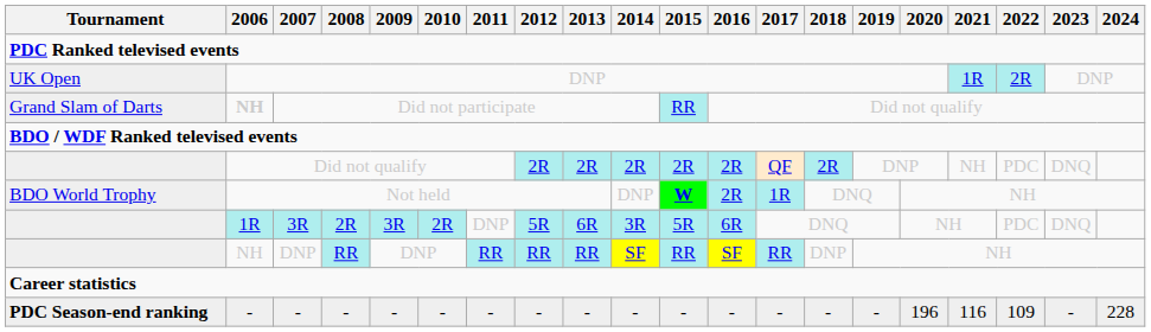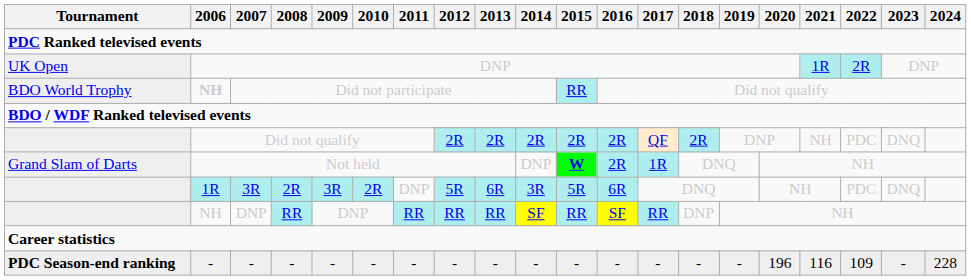 <table class="wikitable" style="width:50%; margin:0">
 <tr>
 <th>Tournament</th>
 <th>2006</th>
 <th>2007</th>
 <th>2008</th>
 <th>2009</th>
 <th>2010</th>
 <th>2011</th>
 <th>2012</th>
 <th>2013</th>
 <th>2014</th>
 <th>2015</th>
 <th>2016</th>
 <th>2017</th>
 <th>2018</th>
 <th>2019</th>
 <th>2020</th>
 <th>2021</th>
 <th>2022</th>
 <th>2023</th>
 <th>2024</th>
 </tr>
 <tr>
 <td colspan="28" align="left"><strong><a href='#'>PDC</a> Ranked televised events</strong></td>
 </tr>
 <tr>
 <td style="background:#efefef;"><a href='#'>UK Open</a></td>
 <td colspan="15" style="text-align:center; color:#ccc;">DNP</td>
 <td style="text-align:center; background:#afeeee;"><a href='#'>1R</a></td>
 <td style="text-align:center; background:#afeeee;"><a href='#'>2R</a></td>
 <td colspan="2" style="text-align:center; color:#ccc;">DNP</td>
 </tr>
 <tr>
-<td style="background:#efefef;"><a href='#'>Grand Slam of Darts</a></td>
+<td style="background:#efefef;"><a href='#'>BDO World Trophy</a></td>
 <td style="text-align:center; color:#ccc;"><strong>NH</strong></td>
 <td colspan="8" style="text-align:center; color:#ccc;">Did not participate</td>
 <td style="text-align:center; background:#afeeee;"><a href='#'>RR</a></td>
 <td colspan="9" style="text-align:center; color:#ccc;">Did not qualify</td>
 </tr>
 <tr>
 <td colspan="20" style="text-align:left"><strong><a href='#'>BDO</a> / <a href='#'>WDF</a> Ranked televised events</strong></td>
 </tr>
 <tr>
 <td style="background:#efefef;"></td>
 <td colspan="6" style="text-align:center; color:#ccc;">Did not qualify</td>
 <td style="text-align:center; background:#afeeee;"><a href='#'>2R</a></td>
 <td style="text-align:center; background:#afeeee;"><a href='#'>2R</a></td>
 <td style="text-align:center; background:#afeeee;"><a href='#'>2R</a></td>
 <td style="text-align:center; background:#afeeee;"><a href='#'>2R</a></td>
 <td style="text-align:center; background:#afeeee;"><a href='#'>2R</a></td>
 <td style="text-align:center; background:#ffebcd;"><a href='#'>QF</a></td>
 <td style="text-align:center; background:#afeeee;"><a href='#'>2R</a></td>
 <td colspan="2" style="text-align:center; color:#ccc;">DNP</td>
 <td style="text-align:center; color:#ccc;">NH</td>
 <td style="text-align:center; color:#ccc;">PDC</td>
 <td style="text-align:center; color:#ccc;">DNQ</td>
 <td></td>
 </tr>
 <tr>
-<td style="background:#efefef;"><a href='#'>BDO World Trophy</a></td>
+<td style="background:#efefef;"><a href='#'>Grand Slam of Darts</a></td>
 <td colspan="8" style="text-align:center; color:#ccc;">Not held</td>
 <td style="text-align:center; color:#ccc;">DNP</td>
 <td style="text-align:center; background:lime;"><strong><a href='#'>W</a></strong></td>
 <td style="text-align:center; background:#afeeee;"><a href='#'>2R</a></td>
 <td style="text-align:center; background:#afeeee;"><a href='#'>1R</a></td>
 <td colspan="2" style="text-align:center; color:#ccc;">DNQ</td>
 <td colspan="5" style="text-align:center; color:#ccc;">NH</td>
 </tr>
 <tr>
 <td style="background:#efefef;"></td>
 <td style="text-align:center; background:#afeeee;"><a href='#'>1R</a></td>
 <td style="text-align:center; background:#afeeee;"><a href='#'>3R</a></td>
 <td style="text-align:center; background:#afeeee;"><a href='#'>2R</a></td>
 <td style="text-align:center; background:#afeeee;"><a href='#'>3R</a></td>
 <td style="text-align:center; background:#afeeee;"><a href='#'>2R</a></td>
 <td style="text-align:center; color:#ccc;">DNP</td>
 <td style="text-align:center; background:#afeeee;"><a href='#'>5R</a></td>
 <td style="text-align:center; background:#afeeee;"><a href='#'>6R</a></td>
 <td style="text-align:center; background:#afeeee;"><a href='#'>3R</a></td>
 <td style="text-align:center; background:#afeeee;"><a href='#'>5R</a></td>
 <td style="text-align:center; background:#afeeee;"><a href='#'>6R</a></td>
 <td colspan="3" style="text-align:center; color:#ccc;">DNQ</td>
 <td colspan="2" style="text-align:center; color:#ccc;">NH</td>
 <td style="text-align:center; color:#ccc;">PDC</td>
 <td style="text-align:center; color:#ccc;">DNQ</td>
 <td></td>
 </tr>
 <tr>
 <td style="background:#efefef;"></td>
 <td style="text-align:center; color:#ccc;">NH</td>
 <td style="text-align:center; color:#ccc;">DNP</td>
 <td style="text-align:center; background:#afeeee;"><a href='#'>RR</a></td>
 <td colspan="2" style="text-align:center; color:#ccc;">DNP</td>
 <td style="text-align:center; background:#afeeee;"><a href='#'>RR</a></td>
 <td style="text-align:center; background:#afeeee;"><a href='#'>RR</a></td>
 <td style="text-align:center; background:#afeeee;"><a href='#'>RR</a></td>
 <td style="text-align:center; background:yellow;"><a href='#'>SF</a></td>
 <td style="text-align:center; background:#afeeee;"><a href='#'>RR</a></td>
 <td style="text-align:center; background:yellow;"><a href='#'>SF</a></td>
 <td style="text-align:center; background:#afeeee;"><a href='#'>RR</a></td>
 <td style="text-align:center; color:#ccc;">DNP</td>
 <td colspan="6" style="text-align:center; color:#ccc;">NH</td>
 </tr>
 <tr>
 <td colspan="28" align="left"><strong>Career statistics</strong></td>
 </tr>
 <tr bgcolor="efefef">
 <td align="left"><strong>PDC Season-end ranking</strong></td>
 <td style="text-align:center;">-</td>
 <td style="text-align:center;">-</td>
 <td style="text-align:center;">-</td>
 <td style="text-align:center;">-</td>
 <td style="text-align:center;">-</td>
 <td style="text-align:center;">-</td>
 <td style="text-align:center;">-</td>
 <td style="text-align:center;">-</td>
 <td style="text-align:center;">-</td>
 <td style="text-align:center;">-</td>
 <td style="text-align:center;">-</td>
 <td style="text-align:center;">-</td>
 <td style="text-align:center;">-</td>
 <td style="text-align:center;">-</td>
 <td style="text-align:center;">196</td>
 <td style="text-align:center;">116</td>
 <td style="text-align:center;">109</td>
 <td style="text-align:center;">-</td>
 <td style="text-align:center;">228</td>
 </tr>
 </table>
